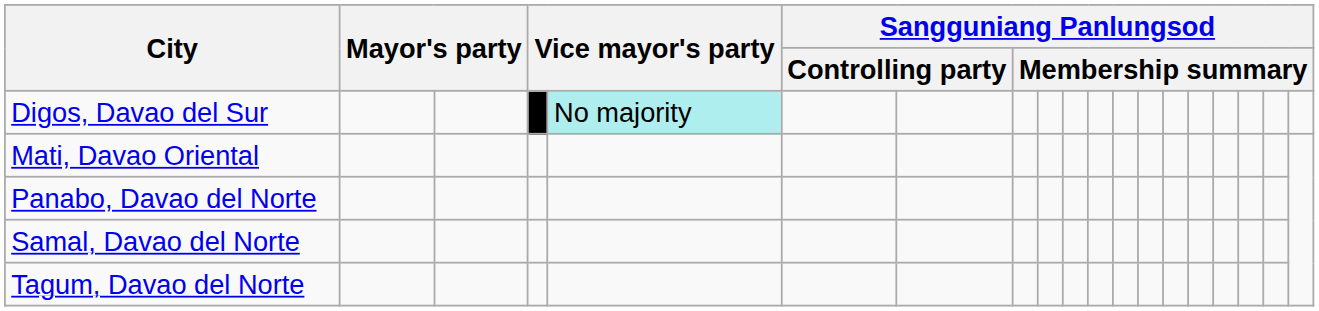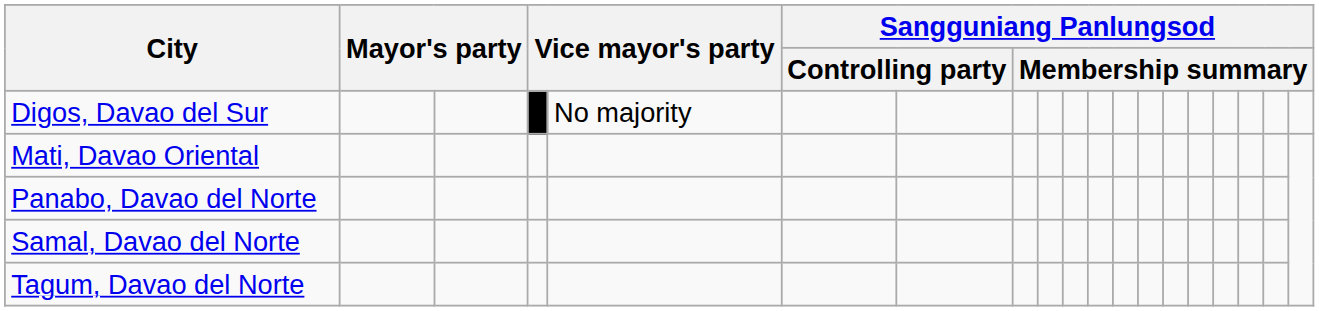 <table class="wikitable" style="font-size:95%;">
 <tr>
 <th width="180px" rowspan="2">City</th>
 <th colspan="2" rowspan="2">Mayor's party</th>
 <th colspan="2" rowspan="2">Vice mayor's party</th>
 <th colspan="16"><a href='#'>Sangguniang Panlungsod</a></th>
 </tr>
 <tr>
 <th colspan="2">Controlling party</th>
 <th colspan="14">Membership summary</th>
 </tr>
 <tr>
 <td><a href='#'>Digos, Davao del Sur</a></td>
 <td></td>
 <td></td>
 <td bgcolor="black"></td>
-<td style="background: paleturquoise;">No majority</td>
+<td>No majority</td>
 <td> </td>
 <td> </td>
 <td> </td>
 <td> </td>
 <td> </td>
 <td> </td>
 <td> </td>
 <td> </td>
 <td> </td>
 <td> </td>
 <td> </td>
 <td> </td>
 <td> </td>
 <td> </td>
 </tr>
 <tr>
 <td><a href='#'>Mati, Davao Oriental</a></td>
 <td></td>
 <td></td>
 <td></td>
 <td style="color:inherit;background:"></td>
 <td style="color:inherit;background:"></td>
 <td style="color:inherit;background:"></td>
 <td style="color:inherit;background:"></td>
 <td style="color:inherit;background:"></td>
 <td style="color:inherit;background:"></td>
 <td style="color:inherit;background:"></td>
 <td style="color:inherit;background:"></td>
 <td style="color:inherit;background:"></td>
 <td style="color:inherit;background:"></td>
 <td style="color:inherit;background:"></td>
 <td style="color:inherit;background:"></td>
 <td></td>
 <td></td>
 </tr>
 <tr>
 <td><a href='#'>Panabo, Davao del Norte</a></td>
 <td></td>
 <td></td>
 <td></td>
 <td style="color:inherit;background:"></td>
 <td style="color:inherit;background:"></td>
 <td style="color:inherit;background:"></td>
 <td style="color:inherit;background:"></td>
 <td style="color:inherit;background:"></td>
 <td style="color:inherit;background:"></td>
 <td style="color:inherit;background:"></td>
 <td style="color:inherit;background:"></td>
 <td style="color:inherit;background:"></td>
 <td style="color:inherit;background:"></td>
 <td style="color:inherit;background:"></td>
 <td style="color:inherit;background:"></td>
 <td style="color:inherit;background:"></td>
 <td></td>
 </tr>
 <tr>
 <td><a href='#'>Samal, Davao del Norte</a></td>
 <td></td>
 <td></td>
 <td></td>
 <td style="color:inherit;background:"></td>
 <td style="color:inherit;background:"></td>
 <td style="color:inherit;background:"></td>
 <td style="color:inherit;background:"></td>
 <td style="color:inherit;background:"></td>
 <td style="color:inherit;background:"></td>
 <td style="color:inherit;background:"></td>
 <td style="color:inherit;background:"></td>
 <td style="color:inherit;background:"></td>
 <td style="color:inherit;background:"></td>
 <td style="color:inherit;background:"></td>
 <td style="color:inherit;background:"></td>
 <td style="color:inherit;background:"></td>
 <td style="color:inherit;background:"></td>
 </tr>
 <tr>
 <td><a href='#'>Tagum, Davao del Norte</a></td>
 <td></td>
 <td></td>
 <td></td>
 <td style="color:inherit;background:"></td>
 <td style="color:inherit;background:"></td>
 <td style="color:inherit;background:"></td>
 <td style="color:inherit;background:"></td>
 <td style="color:inherit;background:"></td>
 <td style="color:inherit;background:"></td>
 <td style="color:inherit;background:"></td>
 <td style="color:inherit;background:"></td>
 <td style="color:inherit;background:"></td>
 <td style="color:inherit;background:"></td>
 <td style="color:inherit;background:"></td>
 <td style="color:inherit;background:"></td>
 <td style="color:inherit;background:"></td>
 <td></td>
 </tr>
 </table>
